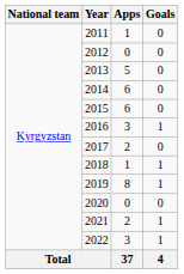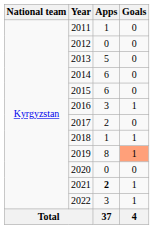 <table class="wikitable" style="text-align:center">
 <tr>
 <th>National team</th>
 <th>Year</th>
 <th>Apps</th>
 <th>Goals</th>
 </tr>
 <tr>
 <td rowspan="12"><a href='#'>Kyrgyzstan</a></td>
 <td>2011</td>
 <td>1</td>
 <td>0</td>
 </tr>
 <tr>
 <td>2012</td>
 <td>0</td>
 <td>0</td>
 </tr>
 <tr>
 <td>2013</td>
 <td>5</td>
 <td>0</td>
 </tr>
 <tr>
 <td>2014</td>
 <td>6</td>
 <td>0</td>
 </tr>
 <tr>
 <td>2015</td>
 <td>6</td>
 <td>0</td>
 </tr>
 <tr>
 <td>2016</td>
 <td>3</td>
 <td>1</td>
 </tr>
 <tr>
 <td>2017</td>
 <td>2</td>
 <td>0</td>
 </tr>
 <tr>
 <td>2018</td>
 <td>1</td>
 <td>1</td>
 </tr>
 <tr>
 <td>2019</td>
 <td>8</td>
-<td>1</td>
+<td style="background: lightsalmon;">1</td>
 </tr>
 <tr>
 <td>2020</td>
 <td>0</td>
 <td>0</td>
 </tr>
 <tr>
 <td>2021</td>
-<td>2</td>
+<td><strong>2</strong></td>
 <td>1</td>
 </tr>
 <tr>
 <td>2022</td>
 <td>3</td>
 <td>1</td>
 </tr>
 <tr>
 <th colspan="2">Total</th>
 <th>37</th>
 <th>4</th>
 </tr>
 </table>
